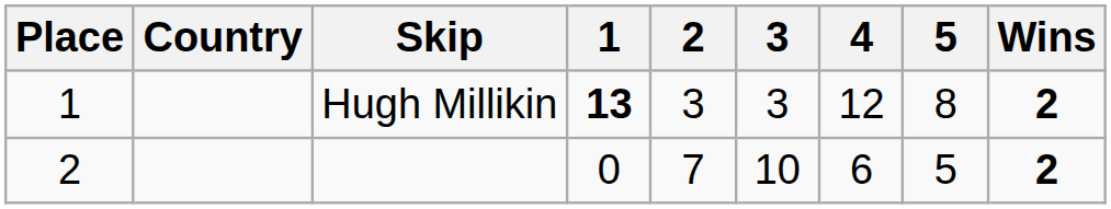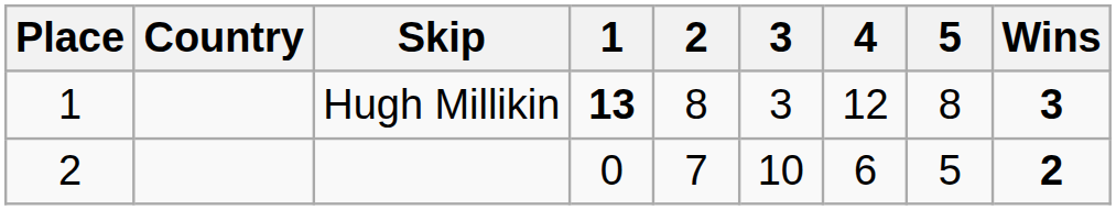 <table class="wikitable" style="text-align:center;">
 <tr>
 <th>Place</th>
 <th>Country</th>
 <th>Skip</th>
 <th width="25">1</th>
 <th width="25">2</th>
 <th width="25">3</th>
 <th width="25">4</th>
 <th width="25">5</th>
 <th>Wins</th>
 </tr>
 <tr>
 <td>1</td>
 <td align=left></td>
 <td align=left>Hugh Millikin</td>
 <td><strong>13</strong></td>
-<td>3</td>
+<td>8</td>
 <td>3</td>
 <td>12</td>
 <td>8</td>
-<td><strong>2</strong></td>
+<td><strong>3</strong></td>
 </tr>
 <tr>
 <td>2</td>
 <td align=left></td>
 <td align=left></td>
 <td>0</td>
 <td>7</td>
 <td>10</td>
 <td>6</td>
 <td>5</td>
 <td><strong>2</strong></td>
 </tr>
 </table>
